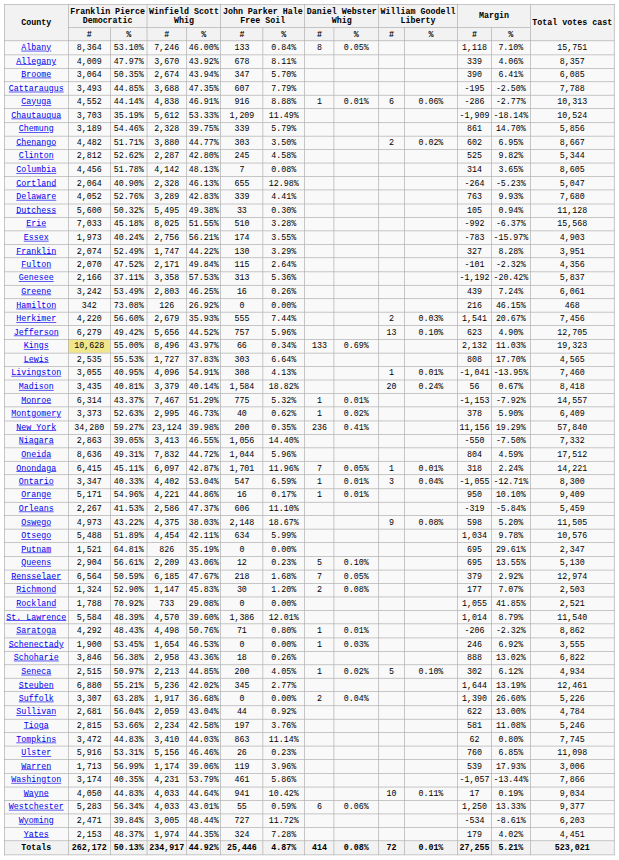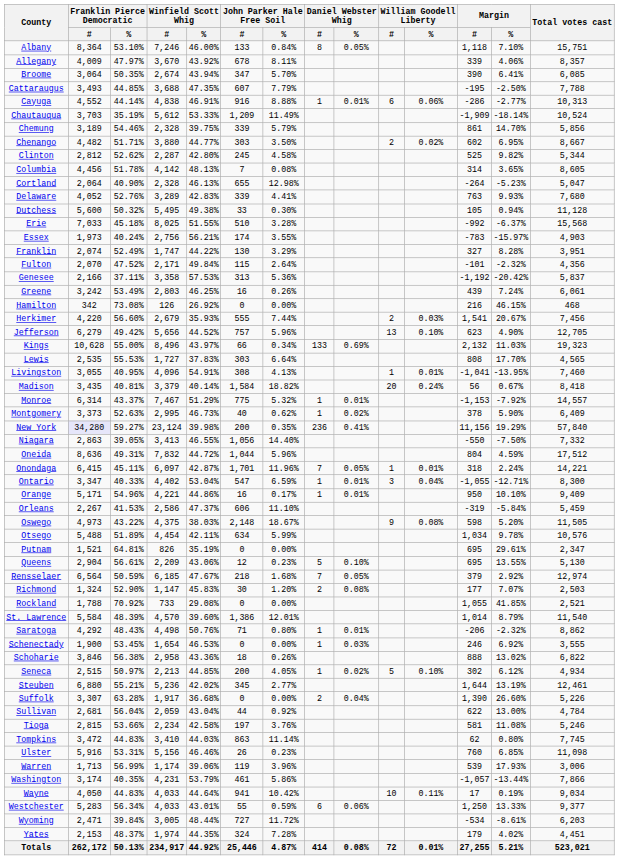 <table class="wikitable sortable">
 <tr>
 <th rowspan="2">County</th>
 <th colspan="2">Franklin Pierce<br>Democratic</th>
 <th colspan="2">Winfield Scott<br>Whig</th>
 <th colspan="2">John Parker Hale<br>Free Soil</th>
 <th colspan="2">Daniel Webster<br>Whig</th>
 <th colspan="2">William Goodell<br>Liberty</th>
 <th colspan="2">Margin</th>
 <th rowspan="2">Total votes cast</th>
 </tr>
 <tr>
 <th data-sort-type="number">#</th>
 <th data-sort-type="number">%</th>
 <th data-sort-type="number">#</th>
 <th data-sort-type="number">%</th>
 <th data-sort-type="number">#</th>
 <th data-sort-type="number">%</th>
 <th data-sort-type="number">#</th>
 <th data-sort-type="number">%</th>
 <th data-sort-type="number">#</th>
 <th data-sort-type="number">%</th>
 <th data-sort-type="number">#</th>
 <th data-sort-type="number">%</th>
 </tr>
 <tr style="text-align:center">
 <td><a href='#'>Albany</a></td>
 <td>8,364</td>
 <td>53.10%</td>
 <td>7,246</td>
 <td>46.00%</td>
 <td>133</td>
 <td>0.84%</td>
 <td>8</td>
 <td>0.05%</td>
 <td></td>
 <td></td>
 <td>1,118</td>
 <td>7.10%</td>
 <td>15,751</td>
 </tr>
 <tr style="text-align:center">
 <td><a href='#'>Allegany</a></td>
 <td>4,009</td>
 <td>47.97%</td>
 <td>3,670</td>
 <td>43.92%</td>
 <td>678</td>
 <td>8.11%</td>
 <td></td>
 <td></td>
 <td></td>
 <td></td>
 <td>339</td>
 <td>4.06%</td>
 <td>8,357</td>
 </tr>
 <tr style="text-align:center">
 <td><a href='#'>Broome</a></td>
 <td>3,064</td>
 <td>50.35%</td>
 <td>2,674</td>
 <td>43.94%</td>
 <td>347</td>
 <td>5.70%</td>
 <td></td>
 <td></td>
 <td></td>
 <td></td>
 <td>390</td>
 <td>6.41%</td>
 <td>6,085</td>
 </tr>
 <tr style="text-align:center">
 <td><a href='#'>Cattaraugus</a></td>
 <td>3,493</td>
 <td>44.85%</td>
 <td>3,688</td>
 <td>47.35%</td>
 <td>607</td>
 <td>7.79%</td>
 <td></td>
 <td></td>
 <td></td>
 <td></td>
 <td>-195</td>
 <td>-2.50%</td>
 <td>7,788</td>
 </tr>
 <tr style="text-align:center">
 <td><a href='#'>Cayuga</a></td>
 <td>4,552</td>
 <td>44.14%</td>
 <td>4,838</td>
 <td>46.91%</td>
 <td>916</td>
 <td>8.88%</td>
 <td>1</td>
 <td>0.01%</td>
 <td>6</td>
 <td>0.06%</td>
 <td>-286</td>
 <td>-2.77%</td>
 <td>10,313</td>
 </tr>
 <tr style="text-align:center">
 <td><a href='#'>Chautauqua</a></td>
 <td>3,703</td>
 <td>35.19%</td>
 <td>5,612</td>
 <td>53.33%</td>
 <td>1,209</td>
 <td>11.49%</td>
 <td></td>
 <td></td>
 <td></td>
 <td></td>
 <td>-1,909</td>
 <td>-18.14%</td>
 <td>10,524</td>
 </tr>
 <tr style="text-align:center">
 <td><a href='#'>Chemung</a></td>
 <td>3,189</td>
 <td>54.46%</td>
 <td>2,328</td>
 <td>39.75%</td>
 <td>339</td>
 <td>5.79%</td>
 <td></td>
 <td></td>
 <td></td>
 <td></td>
 <td>861</td>
 <td>14.70%</td>
 <td>5,856</td>
 </tr>
 <tr style="text-align:center">
 <td><a href='#'>Chenango</a></td>
 <td>4,482</td>
 <td>51.71%</td>
 <td>3,880</td>
 <td>44.77%</td>
 <td>303</td>
 <td>3.50%</td>
 <td></td>
 <td></td>
 <td>2</td>
 <td>0.02%</td>
 <td>602</td>
 <td>6.95%</td>
 <td>8,667</td>
 </tr>
 <tr style="text-align:center">
 <td><a href='#'>Clinton</a></td>
 <td>2,812</td>
 <td>52.62%</td>
 <td>2,287</td>
 <td>42.80%</td>
 <td>245</td>
 <td>4.58%</td>
 <td></td>
 <td></td>
 <td></td>
 <td></td>
 <td>525</td>
 <td>9.82%</td>
 <td>5,344</td>
 </tr>
 <tr style="text-align:center">
 <td><a href='#'>Columbia</a></td>
 <td>4,456</td>
 <td>51.78%</td>
 <td>4,142</td>
 <td>48.13%</td>
 <td>7</td>
 <td>0.08%</td>
 <td></td>
 <td></td>
 <td></td>
 <td></td>
 <td>314</td>
 <td>3.65%</td>
 <td>8,605</td>
 </tr>
 <tr style="text-align:center">
 <td><a href='#'>Cortland</a></td>
 <td>2,064</td>
 <td>40.90%</td>
 <td>2,328</td>
 <td>46.13%</td>
 <td>655</td>
 <td>12.98%</td>
 <td></td>
 <td></td>
 <td></td>
 <td></td>
 <td>-264</td>
 <td>-5.23%</td>
 <td>5,047</td>
 </tr>
 <tr style="text-align:center">
 <td><a href='#'>Delaware</a></td>
 <td>4,052</td>
 <td>52.76%</td>
 <td>3,289</td>
 <td>42.83%</td>
 <td>339</td>
 <td>4.41%</td>
 <td></td>
 <td></td>
 <td></td>
 <td></td>
 <td>763</td>
 <td>9.93%</td>
 <td>7,680</td>
 </tr>
 <tr style="text-align:center">
 <td><a href='#'>Dutchess</a></td>
 <td>5,600</td>
 <td>50.32%</td>
 <td>5,495</td>
 <td>49.38%</td>
 <td>33</td>
 <td>0.30%</td>
 <td></td>
 <td></td>
 <td></td>
 <td></td>
 <td>105</td>
 <td>0.94%</td>
 <td>11,128</td>
 </tr>
 <tr style="text-align:center">
 <td><a href='#'>Erie</a></td>
 <td>7,033</td>
 <td>45.18%</td>
 <td>8,025</td>
 <td>51.55%</td>
 <td>510</td>
 <td>3.28%</td>
 <td></td>
 <td></td>
 <td></td>
 <td></td>
 <td>-992</td>
 <td>-6.37%</td>
 <td>15,568</td>
 </tr>
 <tr style="text-align:center">
 <td><a href='#'>Essex</a></td>
 <td>1,973</td>
 <td>40.24%</td>
 <td>2,756</td>
 <td>56.21%</td>
 <td>174</td>
 <td>3.55%</td>
 <td></td>
 <td></td>
 <td></td>
 <td></td>
 <td>-783</td>
 <td>-15.97%</td>
 <td>4,903</td>
 </tr>
 <tr style="text-align:center">
 <td><a href='#'>Franklin</a></td>
 <td>2,074</td>
 <td>52.49%</td>
 <td>1,747</td>
 <td>44.22%</td>
 <td>130</td>
 <td>3.29%</td>
 <td></td>
 <td></td>
 <td></td>
 <td></td>
 <td>327</td>
 <td>8.28%</td>
 <td>3,951</td>
 </tr>
 <tr style="text-align:center">
 <td><a href='#'>Fulton</a></td>
 <td>2,070</td>
 <td>47.52%</td>
 <td>2,171</td>
 <td>49.84%</td>
 <td>115</td>
 <td>2.64%</td>
 <td></td>
 <td></td>
 <td></td>
 <td></td>
 <td>-101</td>
 <td>-2.32%</td>
 <td>4,356</td>
 </tr>
 <tr style="text-align:center">
 <td><a href='#'>Genesee</a></td>
 <td>2,166</td>
 <td>37.11%</td>
 <td>3,358</td>
 <td>57.53%</td>
 <td>313</td>
 <td>5.36%</td>
 <td></td>
 <td></td>
 <td></td>
 <td></td>
 <td>-1,192</td>
 <td>-20.42%</td>
 <td>5,837</td>
 </tr>
 <tr style="text-align:center">
 <td><a href='#'>Greene</a></td>
 <td>3,242</td>
 <td>53.49%</td>
 <td>2,803</td>
 <td>46.25%</td>
 <td>16</td>
 <td>0.26%</td>
 <td></td>
 <td></td>
 <td></td>
 <td></td>
 <td>439</td>
 <td>7.24%</td>
 <td>6,061</td>
 </tr>
 <tr style="text-align:center">
 <td><a href='#'>Hamilton</a></td>
 <td>342</td>
 <td>73.08%</td>
 <td>126</td>
 <td>26.92%</td>
 <td>0</td>
 <td>0.00%</td>
 <td></td>
 <td></td>
 <td></td>
 <td></td>
 <td>216</td>
 <td>46.15%</td>
 <td>468</td>
 </tr>
 <tr style="text-align:center">
 <td><a href='#'>Herkimer</a></td>
 <td>4,220</td>
 <td>56.60%</td>
 <td>2,679</td>
 <td>35.93%</td>
 <td>555</td>
 <td>7.44%</td>
 <td></td>
 <td></td>
 <td>2</td>
 <td>0.03%</td>
 <td>1,541</td>
 <td>20.67%</td>
 <td>7,456</td>
 </tr>
 <tr style="text-align:center">
 <td><a href='#'>Jefferson</a></td>
 <td>6,279</td>
 <td>49.42%</td>
 <td>5,656</td>
 <td>44.52%</td>
 <td>757</td>
 <td>5.96%</td>
 <td></td>
 <td></td>
 <td>13</td>
 <td>0.10%</td>
 <td>623</td>
 <td>4.90%</td>
 <td>12,705</td>
 </tr>
 <tr style="text-align:center">
 <td><a href='#'>Kings</a></td>
-<td style="background: khaki;">10,628</td>
+<td>10,628</td>
 <td>55.00%</td>
 <td>8,496</td>
 <td>43.97%</td>
 <td>66</td>
 <td>0.34%</td>
 <td>133</td>
 <td>0.69%</td>
 <td></td>
 <td></td>
 <td>2,132</td>
 <td>11.03%</td>
 <td>19,323</td>
 </tr>
 <tr style="text-align:center">
 <td><a href='#'>Lewis</a></td>
 <td>2,535</td>
 <td>55.53%</td>
 <td>1,727</td>
 <td>37.83%</td>
 <td>303</td>
 <td>6.64%</td>
 <td></td>
 <td></td>
 <td></td>
 <td></td>
 <td>808</td>
 <td>17.70%</td>
 <td>4,565</td>
 </tr>
 <tr style="text-align:center">
 <td><a href='#'>Livingston</a></td>
 <td>3,055</td>
 <td>40.95%</td>
 <td>4,096</td>
 <td>54.91%</td>
 <td>308</td>
 <td>4.13%</td>
 <td></td>
 <td></td>
 <td>1</td>
 <td>0.01%</td>
 <td>-1,041</td>
 <td>-13.95%</td>
 <td>7,460</td>
 </tr>
 <tr style="text-align:center">
 <td><a href='#'>Madison</a></td>
 <td>3,435</td>
 <td>40.81%</td>
 <td>3,379</td>
 <td>40.14%</td>
 <td>1,584</td>
 <td>18.82%</td>
 <td></td>
 <td></td>
 <td>20</td>
 <td>0.24%</td>
 <td>56</td>
 <td>0.67%</td>
 <td>8,418</td>
 </tr>
 <tr style="text-align:center">
 <td><a href='#'>Monroe</a></td>
 <td>6,314</td>
 <td>43.37%</td>
 <td>7,467</td>
 <td>51.29%</td>
 <td>775</td>
 <td>5.32%</td>
 <td>1</td>
 <td>0.01%</td>
 <td></td>
 <td></td>
 <td>-1,153</td>
 <td>-7.92%</td>
 <td>14,557</td>
 </tr>
 <tr style="text-align:center">
 <td><a href='#'>Montgomery</a></td>
 <td>3,373</td>
 <td>52.63%</td>
 <td>2,995</td>
 <td>46.73%</td>
 <td>40</td>
 <td>0.62%</td>
 <td>1</td>
 <td>0.02%</td>
 <td></td>
 <td></td>
 <td>378</td>
 <td>5.90%</td>
 <td>6,409</td>
 </tr>
 <tr style="text-align:center">
 <td><a href='#'>New York</a></td>
-<td>34,280</td>
+<td style="background: lavender;">34,280</td>
 <td>59.27%</td>
 <td>23,124</td>
 <td>39.98%</td>
 <td>200</td>
 <td>0.35%</td>
 <td>236</td>
 <td>0.41%</td>
 <td></td>
 <td></td>
 <td>11,156</td>
 <td>19.29%</td>
 <td>57,840</td>
 </tr>
 <tr style="text-align:center">
 <td><a href='#'>Niagara</a></td>
 <td>2,863</td>
 <td>39.05%</td>
 <td>3,413</td>
 <td>46.55%</td>
 <td>1,056</td>
 <td>14.40%</td>
 <td></td>
 <td></td>
 <td></td>
 <td></td>
 <td>-550</td>
 <td>-7.50%</td>
 <td>7,332</td>
 </tr>
 <tr style="text-align:center">
 <td><a href='#'>Oneida</a></td>
 <td>8,636</td>
 <td>49.31%</td>
 <td>7,832</td>
 <td>44.72%</td>
 <td>1,044</td>
 <td>5.96%</td>
 <td></td>
 <td></td>
 <td></td>
 <td></td>
 <td>804</td>
 <td>4.59%</td>
 <td>17,512</td>
 </tr>
 <tr style="text-align:center">
 <td><a href='#'>Onondaga</a></td>
 <td>6,415</td>
 <td>45.11%</td>
 <td>6,097</td>
 <td>42.87%</td>
 <td>1,701</td>
 <td>11.96%</td>
 <td>7</td>
 <td>0.05%</td>
 <td>1</td>
 <td>0.01%</td>
 <td>318</td>
 <td>2.24%</td>
 <td>14,221</td>
 </tr>
 <tr style="text-align:center">
 <td><a href='#'>Ontario</a></td>
 <td>3,347</td>
 <td>40.33%</td>
 <td>4,402</td>
 <td>53.04%</td>
 <td>547</td>
 <td>6.59%</td>
 <td>1</td>
 <td>0.01%</td>
 <td>3</td>
 <td>0.04%</td>
 <td>-1,055</td>
 <td>-12.71%</td>
 <td>8,300</td>
 </tr>
 <tr style="text-align:center">
 <td><a href='#'>Orange</a></td>
 <td>5,171</td>
 <td>54.96%</td>
 <td>4,221</td>
 <td>44.86%</td>
 <td>16</td>
 <td>0.17%</td>
 <td>1</td>
 <td>0.01%</td>
 <td></td>
 <td></td>
 <td>950</td>
 <td>10.10%</td>
 <td>9,409</td>
 </tr>
 <tr style="text-align:center">
 <td><a href='#'>Orleans</a></td>
 <td>2,267</td>
 <td>41.53%</td>
 <td>2,586</td>
 <td>47.37%</td>
 <td>606</td>
 <td>11.10%</td>
 <td></td>
 <td></td>
 <td></td>
 <td></td>
 <td>-319</td>
 <td>-5.84%</td>
 <td>5,459</td>
 </tr>
 <tr style="text-align:center">
 <td><a href='#'>Oswego</a></td>
 <td>4,973</td>
 <td>43.22%</td>
 <td>4,375</td>
 <td>38.03%</td>
 <td>2,148</td>
 <td>18.67%</td>
 <td></td>
 <td></td>
 <td>9</td>
 <td>0.08%</td>
 <td>598</td>
 <td>5.20%</td>
 <td>11,505</td>
 </tr>
 <tr style="text-align:center">
 <td><a href='#'>Otsego</a></td>
 <td>5,488</td>
 <td>51.89%</td>
 <td>4,454</td>
 <td>42.11%</td>
 <td>634</td>
 <td>5.99%</td>
 <td></td>
 <td></td>
 <td></td>
 <td></td>
 <td>1,034</td>
 <td>9.78%</td>
 <td>10,576</td>
 </tr>
 <tr style="text-align:center">
 <td><a href='#'>Putnam</a></td>
 <td>1,521</td>
 <td>64.81%</td>
 <td>826</td>
 <td>35.19%</td>
 <td>0</td>
 <td>0.00%</td>
 <td></td>
 <td></td>
 <td></td>
 <td></td>
 <td>695</td>
 <td>29.61%</td>
 <td>2,347</td>
 </tr>
 <tr style="text-align:center">
 <td><a href='#'>Queens</a></td>
 <td>2,904</td>
 <td>56.61%</td>
 <td>2,209</td>
 <td>43.06%</td>
 <td>12</td>
 <td>0.23%</td>
 <td>5</td>
 <td>0.10%</td>
 <td></td>
 <td></td>
 <td>695</td>
 <td>13.55%</td>
 <td>5,130</td>
 </tr>
 <tr style="text-align:center">
 <td><a href='#'>Rensselaer</a></td>
 <td>6,564</td>
 <td>50.59%</td>
 <td>6,185</td>
 <td>47.67%</td>
 <td>218</td>
 <td>1.68%</td>
 <td>7</td>
 <td>0.05%</td>
 <td></td>
 <td></td>
 <td>379</td>
 <td>2.92%</td>
 <td>12,974</td>
 </tr>
 <tr style="text-align:center">
 <td><a href='#'>Richmond</a></td>
 <td>1,324</td>
 <td>52.90%</td>
 <td>1,147</td>
 <td>45.83%</td>
 <td>30</td>
 <td>1.20%</td>
 <td>2</td>
 <td>0.08%</td>
 <td></td>
 <td></td>
 <td>177</td>
 <td>7.07%</td>
 <td>2,503</td>
 </tr>
 <tr style="text-align:center">
 <td><a href='#'>Rockland</a></td>
 <td>1,788</td>
 <td>70.92%</td>
 <td>733</td>
 <td>29.08%</td>
 <td>0</td>
 <td>0.00%</td>
 <td></td>
 <td></td>
 <td></td>
 <td></td>
 <td>1,055</td>
 <td>41.85%</td>
 <td>2,521</td>
 </tr>
 <tr style="text-align:center">
 <td><a href='#'>St. Lawrence</a></td>
 <td>5,584</td>
 <td>48.39%</td>
 <td>4,570</td>
 <td>39.60%</td>
 <td>1,386</td>
 <td>12.01%</td>
 <td></td>
 <td></td>
 <td></td>
 <td></td>
 <td>1,014</td>
 <td>8.79%</td>
 <td>11,540</td>
 </tr>
 <tr style="text-align:center">
 <td><a href='#'>Saratoga</a></td>
 <td>4,292</td>
 <td>48.43%</td>
 <td>4,498</td>
 <td>50.76%</td>
 <td>71</td>
 <td>0.80%</td>
 <td>1</td>
 <td>0.01%</td>
 <td></td>
 <td></td>
 <td>-206</td>
 <td>-2.32%</td>
 <td>8,862</td>
 </tr>
 <tr style="text-align:center">
 <td><a href='#'>Schenectady</a></td>
 <td>1,900</td>
 <td>53.45%</td>
 <td>1,654</td>
 <td>46.53%</td>
 <td>0</td>
 <td>0.00%</td>
 <td>1</td>
 <td>0.03%</td>
 <td></td>
 <td></td>
 <td>246</td>
 <td>6.92%</td>
 <td>3,555</td>
 </tr>
 <tr style="text-align:center">
 <td><a href='#'>Schoharie</a></td>
 <td>3,846</td>
 <td>56.38%</td>
 <td>2,958</td>
 <td>43.36%</td>
 <td>18</td>
 <td>0.26%</td>
 <td></td>
 <td></td>
 <td></td>
 <td></td>
 <td>888</td>
 <td>13.02%</td>
 <td>6,822</td>
 </tr>
 <tr style="text-align:center">
 <td><a href='#'>Seneca</a></td>
 <td>2,515</td>
 <td>50.97%</td>
 <td>2,213</td>
 <td>44.85%</td>
 <td>200</td>
 <td>4.05%</td>
 <td>1</td>
 <td>0.02%</td>
 <td>5</td>
 <td>0.10%</td>
 <td>302</td>
 <td>6.12%</td>
 <td>4,934</td>
 </tr>
 <tr style="text-align:center">
 <td><a href='#'>Steuben</a></td>
 <td>6,880</td>
 <td>55.21%</td>
 <td>5,236</td>
 <td>42.02%</td>
 <td>345</td>
 <td>2.77%</td>
 <td></td>
 <td></td>
 <td></td>
 <td></td>
 <td>1,644</td>
 <td>13.19%</td>
 <td>12,461</td>
 </tr>
 <tr style="text-align:center">
 <td><a href='#'>Suffolk</a></td>
 <td>3,307</td>
 <td>63.28%</td>
 <td>1,917</td>
 <td>36.68%</td>
 <td>0</td>
 <td>0.00%</td>
 <td>2</td>
 <td>0.04%</td>
 <td></td>
 <td></td>
 <td>1,390</td>
 <td>26.60%</td>
 <td>5,226</td>
 </tr>
 <tr style="text-align:center">
 <td><a href='#'>Sullivan</a></td>
 <td>2,681</td>
 <td>56.04%</td>
 <td>2,059</td>
 <td>43.04%</td>
 <td>44</td>
 <td>0.92%</td>
 <td></td>
 <td></td>
 <td></td>
 <td></td>
 <td>622</td>
 <td>13.00%</td>
 <td>4,784</td>
 </tr>
 <tr style="text-align:center">
 <td><a href='#'>Tioga</a></td>
 <td>2,815</td>
 <td>53.66%</td>
 <td>2,234</td>
 <td>42.58%</td>
 <td>197</td>
 <td>3.76%</td>
 <td></td>
 <td></td>
 <td></td>
 <td></td>
 <td>581</td>
 <td>11.08%</td>
 <td>5,246</td>
 </tr>
 <tr style="text-align:center">
 <td><a href='#'>Tompkins</a></td>
 <td>3,472</td>
 <td>44.83%</td>
 <td>3,410</td>
 <td>44.03%</td>
 <td>863</td>
 <td>11.14%</td>
 <td></td>
 <td></td>
 <td></td>
 <td></td>
 <td>62</td>
 <td>0.80%</td>
 <td>7,745</td>
 </tr>
 <tr style="text-align:center">
 <td><a href='#'>Ulster</a></td>
 <td>5,916</td>
 <td>53.31%</td>
 <td>5,156</td>
 <td>46.46%</td>
 <td>26</td>
 <td>0.23%</td>
 <td></td>
 <td></td>
 <td></td>
 <td></td>
 <td>760</td>
 <td>6.85%</td>
 <td>11,098</td>
 </tr>
 <tr style="text-align:center">
 <td><a href='#'>Warren</a></td>
 <td>1,713</td>
 <td>56.99%</td>
 <td>1,174</td>
 <td>39.06%</td>
 <td>119</td>
 <td>3.96%</td>
 <td></td>
 <td></td>
 <td></td>
 <td></td>
 <td>539</td>
 <td>17.93%</td>
 <td>3,006</td>
 </tr>
 <tr style="text-align:center">
 <td><a href='#'>Washington</a></td>
 <td>3,174</td>
 <td>40.35%</td>
 <td>4,231</td>
 <td>53.79%</td>
 <td>461</td>
 <td>5.86%</td>
 <td></td>
 <td></td>
 <td></td>
 <td></td>
 <td>-1,057</td>
 <td>-13.44%</td>
 <td>7,866</td>
 </tr>
 <tr style="text-align:center">
 <td><a href='#'>Wayne</a></td>
 <td>4,050</td>
 <td>44.83%</td>
 <td>4,033</td>
 <td>44.64%</td>
 <td>941</td>
 <td>10.42%</td>
 <td></td>
 <td></td>
 <td>10</td>
 <td>0.11%</td>
 <td>17</td>
 <td>0.19%</td>
 <td>9,034</td>
 </tr>
 <tr style="text-align:center">
 <td><a href='#'>Westchester</a></td>
 <td>5,283</td>
 <td>56.34%</td>
 <td>4,033</td>
 <td>43.01%</td>
 <td>55</td>
 <td>0.59%</td>
 <td>6</td>
 <td>0.06%</td>
 <td></td>
 <td></td>
 <td>1,250</td>
 <td>13.33%</td>
 <td>9,377</td>
 </tr>
 <tr style="text-align:center">
 <td><a href='#'>Wyoming</a></td>
 <td>2,471</td>
 <td>39.84%</td>
 <td>3,005</td>
 <td>48.44%</td>
 <td>727</td>
 <td>11.72%</td>
 <td></td>
 <td></td>
 <td></td>
 <td></td>
 <td>-534</td>
 <td>-8.61%</td>
 <td>6,203</td>
 </tr>
 <tr style="text-align:center">
 <td><a href='#'>Yates</a></td>
 <td>2,153</td>
 <td>48.37%</td>
 <td>1,974</td>
 <td>44.35%</td>
 <td>324</td>
 <td>7.28%</td>
 <td></td>
 <td></td>
 <td></td>
 <td></td>
 <td>179</td>
 <td>4.02%</td>
 <td>4,451</td>
 </tr>
 <tr>
 <th>Totals</th>
 <th>262,172</th>
 <th>50.13%</th>
 <th>234,917</th>
 <th>44.92%</th>
 <th>25,446</th>
 <th>4.87%</th>
 <th>414</th>
 <th>0.08%</th>
 <th>72</th>
 <th>0.01%</th>
 <th>27,255</th>
 <th>5.21%</th>
 <th>523,021</th>
 </tr>
 </table>
